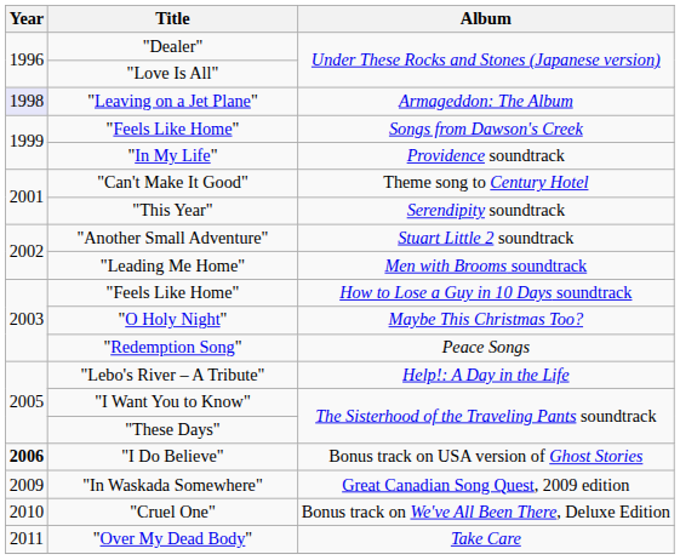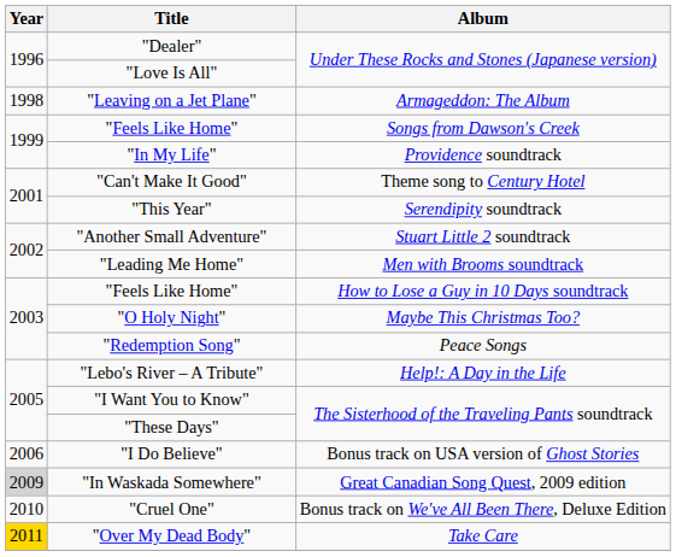 <table class="wikitable plainrowheaders" style="text-align:center;">
 <tr>
 <th scope="col">Year</th>
 <th scope="col" style="width:14em;">Title</th>
 <th scope="col">Album</th>
 </tr>
 <tr>
 <td rowspan="2">1996</td>
 <td>"Dealer"</td>
 <td rowspan="2"><em><a href='#'>Under These Rocks and Stones (Japanese version)</a></em></td>
 </tr>
 <tr>
 <td>"Love Is All"</td>
 </tr>
 <tr>
-<td style="background: lavender;">1998</td>
+<td>1998</td>
 <td>"<a href='#'>Leaving on a Jet Plane</a>"</td>
 <td><em><a href='#'>Armageddon: The Album</a></em></td>
 </tr>
 <tr>
 <td rowspan="2">1999</td>
 <td>"<a href='#'>Feels Like Home</a>"</td>
 <td><em><a href='#'>Songs from Dawson's Creek</a></em></td>
 </tr>
 <tr>
 <td>"<a href='#'>In My Life</a>"</td>
 <td><em><a href='#'>Providence</a></em> soundtrack</td>
 </tr>
 <tr>
 <td rowspan="2">2001</td>
 <td>"Can't Make It Good"<br></td>
 <td>Theme song to <em><a href='#'>Century Hotel</a></em></td>
 </tr>
 <tr>
 <td>"This Year"</td>
 <td><em><a href='#'>Serendipity</a></em> soundtrack</td>
 </tr>
 <tr>
 <td rowspan="2">2002</td>
 <td>"Another Small Adventure"<br></td>
 <td><em><a href='#'>Stuart Little 2</a></em> soundtrack</td>
 </tr>
 <tr>
 <td>"Leading Me Home"</td>
 <td><a href='#'><em>Men with Brooms</em> soundtrack</a></td>
 </tr>
 <tr>
 <td rowspan="3">2003</td>
 <td>"Feels Like Home"</td>
 <td><a href='#'><em>How to Lose a Guy in 10 Days</em> soundtrack</a></td>
 </tr>
 <tr>
 <td>"<a href='#'>O Holy Night</a>"<br></td>
 <td><em><a href='#'>Maybe This Christmas Too?</a></em></td>
 </tr>
 <tr>
 <td>"<a href='#'>Redemption Song</a>"</td>
 <td><em>Peace Songs</em></td>
 </tr>
 <tr>
 <td rowspan="3">2005</td>
 <td>"Lebo's River – A Tribute"<br></td>
 <td><em><a href='#'>Help!: A Day in the Life</a></em></td>
 </tr>
 <tr>
 <td>"I Want You to Know"</td>
 <td rowspan="2"><em><a href='#'>The Sisterhood of the Traveling Pants</a></em> soundtrack</td>
 </tr>
 <tr>
 <td>"These Days"</td>
 </tr>
 <tr>
-<td><strong>2006</strong></td>
+<td>2006</td>
 <td>"I Do Believe"</td>
 <td>Bonus track on USA version of <em><a href='#'>Ghost Stories</a></em></td>
 </tr>
 <tr>
-<td>2009</td>
+<td style="background: lightgrey;">2009</td>
 <td>"In Waskada Somewhere"</td>
 <td><a href='#'>Great Canadian Song Quest</a>, 2009 edition</td>
 </tr>
 <tr>
 <td>2010</td>
 <td>"Cruel One"<br></td>
 <td>Bonus track on <em><a href='#'>We've All Been There</a></em>, Deluxe Edition</td>
 </tr>
 <tr>
-<td>2011</td>
+<td style="background: gold;">2011</td>
 <td>"<a href='#'>Over My Dead Body</a>"<br></td>
 <td><em><a href='#'>Take Care</a></em></td>
 </tr>
 <tr>
 </tr>
 </table>
